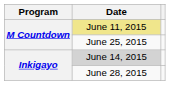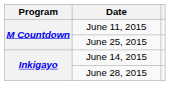 <table class="wikitable plainrowheaders" style="text-align:center">
 <tr>
 <th>Program</th>
 <th width="140">Date</th>
 <th></th>
 </tr>
 <tr>
 <th scope="row" rowspan="2"><em><a href='#'>M Countdown</a></em></th>
-<td style="background: khaki;">June 11, 2015</td>
+<td>June 11, 2015</td>
 <td></td>
 </tr>
 <tr>
 <td>June 25, 2015</td>
 <td></td>
 </tr>
 <tr>
 <th scope="row" rowspan="2"><em><a href='#'>Inkigayo</a></em></th>
-<td style="background: lightgrey;">June 14, 2015</td>
+<td>June 14, 2015</td>
 <td></td>
 </tr>
 <tr>
 <td>June 28, 2015</td>
 <td></td>
 </tr>
 </table>
